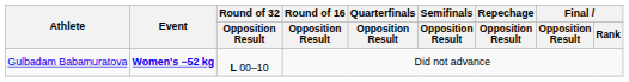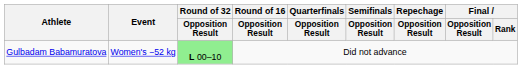 <table class="wikitable" style="font-size:90%">
 <tr>
 <th rowspan="2">Athlete</th>
 <th rowspan="2">Event</th>
 <th>Round of 32</th>
 <th>Round of 16</th>
 <th>Quarterfinals</th>
 <th>Semifinals</th>
 <th>Repechage</th>
 <th colspan=2>Final / </th>
 </tr>
 <tr style="font-size:95%">
 <th>Opposition<br>Result</th>
 <th>Opposition<br>Result</th>
 <th>Opposition<br>Result</th>
 <th>Opposition<br>Result</th>
 <th>Opposition<br>Result</th>
 <th>Opposition<br>Result</th>
 <th>Rank</th>
 </tr>
 <tr align=center>
 <td align=left><a href='#'>Gulbadam Babamuratova</a></td>
-<td align=left><strong><a href='#'>Women's −52 kg</a></strong></td>
-<td><br><strong>L</strong> 00–10</td>
+<td align=left><a href='#'>Women's −52 kg</a></td>
+<td style="background: lightgreen;"><br><strong>L</strong> 00–10</td>
 <td colspan=6>Did not advance</td>
 </tr>
 </table>
